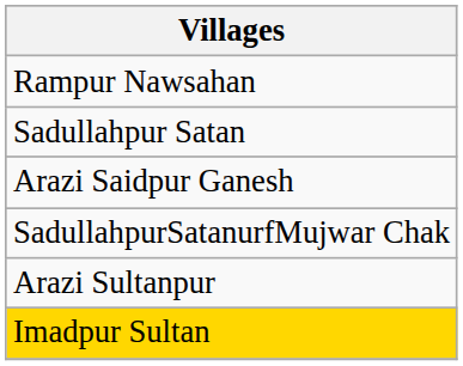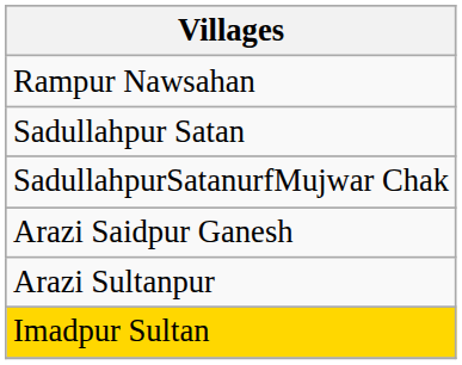 <table class="wikitable">
 <tr>
 <th>Villages</th>
 </tr>
 <tr>
 <td>Rampur Nawsahan</td>
 </tr>
 <tr>
 <td>Sadullahpur Satan</td>
 </tr>
 <tr>
-<td>Arazi Saidpur Ganesh</td>
+<td>SadullahpurSatanurfMujwar Chak</td>
 </tr>
 <tr>
-<td>SadullahpurSatanurfMujwar Chak</td>
+<td>Arazi Saidpur Ganesh</td>
 </tr>
 <tr>
 <td>Arazi Sultanpur</td>
 </tr>
 <tr>
 <td style="background: gold;">Imadpur Sultan</td>
 </tr>
 <tr>
 </tr>
 </table>
